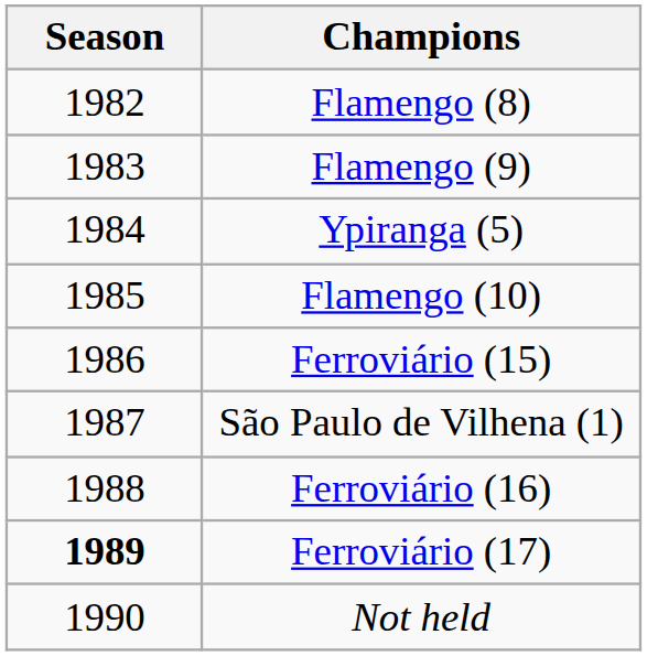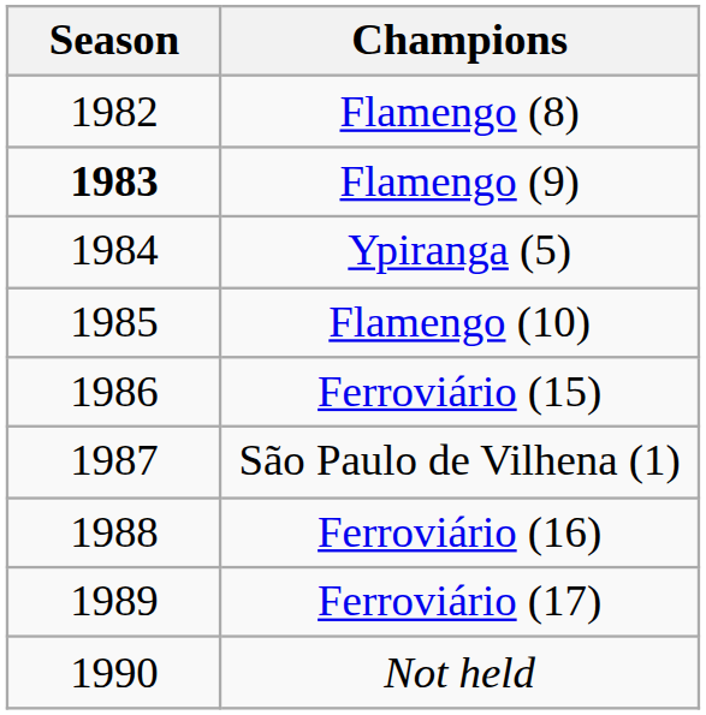 <table class="wikitable" style="text-align:center; margin-left:1em;">
 <tr>
 <th style="width:70px">Season</th>
 <th style="width:165px">Champions</th>
 </tr>
 <tr>
 <td>1982</td>
 <td><a href='#'>Flamengo</a> (8)</td>
 </tr>
 <tr>
-<td>1983</td>
+<td><strong>1983</strong></td>
 <td><a href='#'>Flamengo</a> (9)</td>
 </tr>
 <tr>
 <td>1984</td>
 <td><a href='#'>Ypiranga</a> (5)</td>
 </tr>
 <tr>
 <td>1985</td>
 <td><a href='#'>Flamengo</a> (10)</td>
 </tr>
 <tr>
 <td>1986</td>
 <td><a href='#'>Ferroviário</a> (15)</td>
 </tr>
 <tr>
 <td>1987</td>
 <td>São Paulo de Vilhena (1)</td>
 </tr>
 <tr>
 <td>1988</td>
 <td><a href='#'>Ferroviário</a> (16)</td>
 </tr>
 <tr>
-<td><strong>1989</strong></td>
+<td>1989</td>
 <td><a href='#'>Ferroviário</a> (17)</td>
 </tr>
 <tr>
 <td>1990</td>
 <td><em>Not held</em></td>
 </tr>
 </table>
